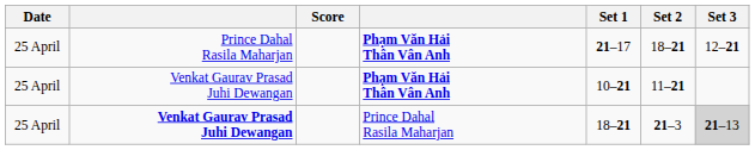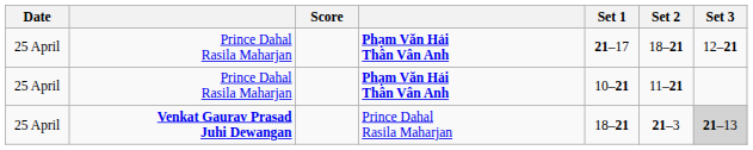 <table class="wikitable" style="text-align: center; font-size:90%">
 <tr>
 <th width="60">Date</th>
 <th align="right" width="230"></th>
 <th width="60">Score</th>
 <th align="left" width="230"></th>
 <th width="50">Set 1</th>
 <th width="50">Set 2</th>
 <th width="50">Set 3</th>
 </tr>
 <tr>
 <td>25 April<br></td>
 <td align="right"><a href='#'>Prince Dahal</a> <br><a href='#'>Rasila Maharjan</a> </td>
 <td align="center"></td>
 <td align="left"><strong> <a href='#'>Phạm Văn Hải</a><br> <a href='#'>Thân Vân Anh</a></strong></td>
 <td><strong>21</strong>–17</td>
 <td>18–<strong>21</strong></td>
 <td>12–<strong>21</strong></td>
 </tr>
 <tr>
 <td>25 April<br></td>
-<td align="right"><a href='#'>Venkat Gaurav Prasad</a> <br><a href='#'>Juhi Dewangan</a> </td>
+<td align="right"><a href='#'>Prince Dahal</a> <br><a href='#'>Rasila Maharjan</a> </td>
 <td align="center"></td>
 <td align="left"><strong> <a href='#'>Phạm Văn Hải</a><br> <a href='#'>Thân Vân Anh</a></strong></td>
 <td>10–<strong>21</strong></td>
 <td>11–<strong>21</strong></td>
 <td></td>
 </tr>
 <tr>
 <td>25 April<br></td>
 <td align="right"><strong><a href='#'>Venkat Gaurav Prasad</a> <br><a href='#'>Juhi Dewangan</a> </strong></td>
 <td align="center"></td>
 <td align="left"> <a href='#'>Prince Dahal</a><br> <a href='#'>Rasila Maharjan</a></td>
 <td>18–<strong>21</strong></td>
 <td><strong>21</strong>–3</td>
 <td style="background: lightgrey;"><strong>21</strong>–13</td>
 </tr>
 </table>
